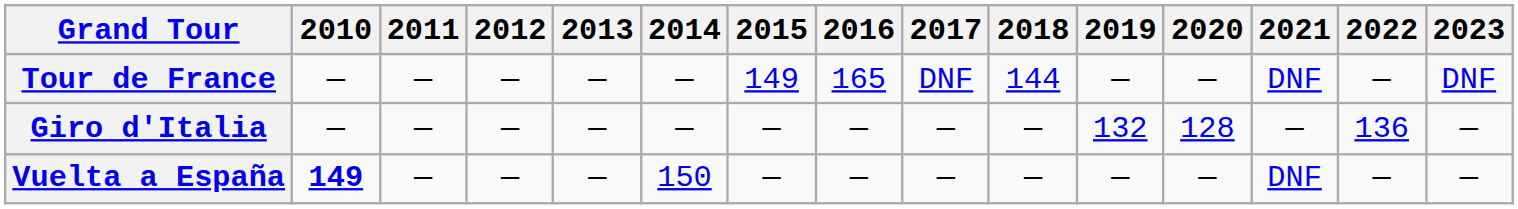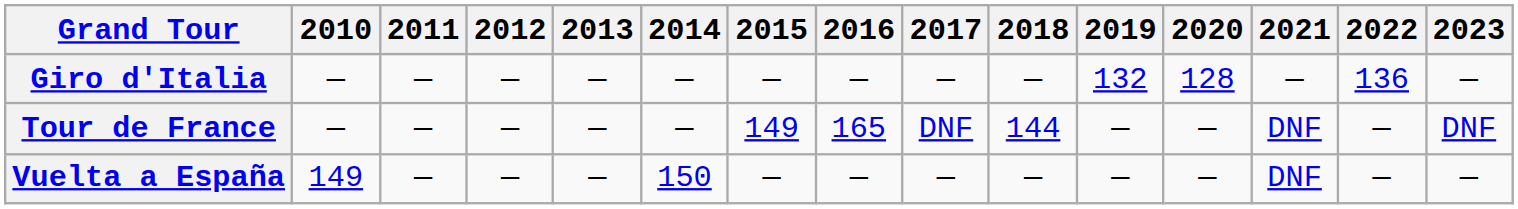 <table class="wikitable plainrowheaders">
 <tr style="background:#eee">
 <th scope="col"><a href='#'>Grand Tour</a></th>
 <th scope="col">2010</th>
 <th scope="col">2011</th>
 <th scope="col">2012</th>
 <th scope="col">2013</th>
 <th scope="col">2014</th>
 <th scope="col">2015</th>
 <th scope="col">2016</th>
 <th scope="col">2017</th>
 <th scope="col">2018</th>
 <th scope="col">2019</th>
 <th scope="col">2020</th>
 <th scope="col">2021</th>
 <th scope="col">2022</th>
 <th scope="col">2023</th>
 </tr>
 <tr style="text-align:center;">
+<th scope="row"> <a href='#'>Giro d'Italia</a></th>
+<td>—</td>
+<td>—</td>
+<td>—</td>
+<td>—</td>
+<td>—</td>
+<td>—</td>
+<td>—</td>
+<td>—</td>
+<td>—</td>
+<td><a href='#'>132</a></td>
+<td><a href='#'>128</a></td>
+<td>—</td>
+<td><a href='#'>136</a></td>
+<td>—</td>
+</tr>
+<tr style="text-align:center;">
 <th scope="row"> <a href='#'>Tour de France</a></th>
 <td>—</td>
 <td>—</td>
 <td>—</td>
 <td>—</td>
 <td>—</td>
 <td><a href='#'>149</a></td>
 <td><a href='#'>165</a></td>
 <td><a href='#'>DNF</a></td>
 <td><a href='#'>144</a></td>
 <td>—</td>
 <td>—</td>
 <td><a href='#'>DNF</a></td>
 <td>—</td>
 <td><a href='#'>DNF</a></td>
 </tr>
 <tr style="text-align:center;">
-<th scope="row"> <a href='#'>Giro d'Italia</a></th>
-<td>—</td>
-<td>—</td>
-<td>—</td>
-<td>—</td>
-<td>—</td>
-<td>—</td>
-<td>—</td>
-<td>—</td>
-<td>—</td>
-<td><a href='#'>132</a></td>
-<td><a href='#'>128</a></td>
-<td>—</td>
-<td><a href='#'>136</a></td>
-<td>—</td>
-</tr>
-<tr style="text-align:center;">
 <th scope="row"> <a href='#'>Vuelta a España</a></th>
-<td><strong><a href='#'>149</a></strong></td>
+<td><a href='#'>149</a></td>
 <td>—</td>
 <td>—</td>
 <td>—</td>
 <td><a href='#'>150</a></td>
 <td>—</td>
 <td>—</td>
 <td>—</td>
 <td>—</td>
 <td>—</td>
 <td>—</td>
 <td><a href='#'>DNF</a></td>
 <td>—</td>
 <td>—</td>
 </tr>
 </table>
